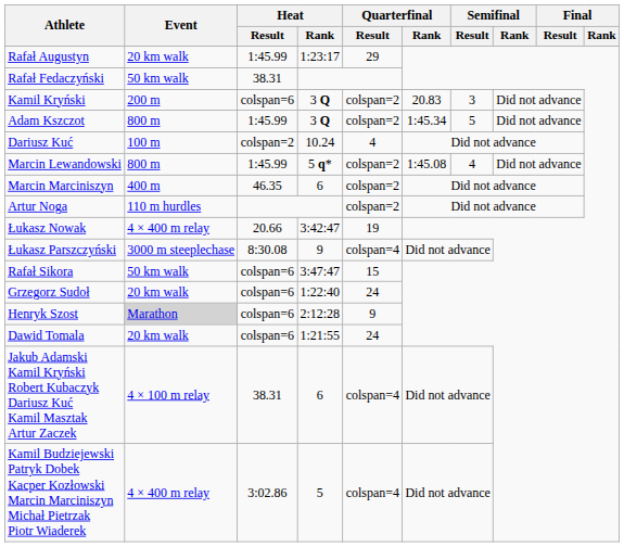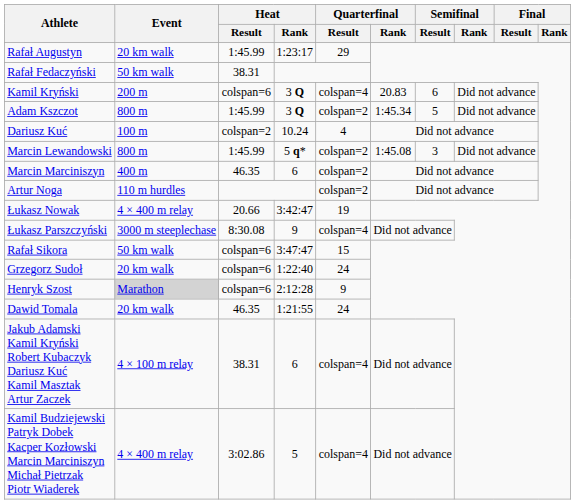 <table class="wikitable" style="font-size:90%">
 <tr>
 <th rowspan="2">Athlete</th>
 <th rowspan="2">Event</th>
 <th colspan="2">Heat</th>
 <th colspan="2">Quarterfinal</th>
 <th colspan="2">Semifinal</th>
 <th colspan="2">Final</th>
 </tr>
 <tr style="font-size:95%">
 <th>Result</th>
 <th>Rank</th>
 <th>Result</th>
 <th>Rank</th>
 <th>Result</th>
 <th>Rank</th>
 <th>Result</th>
 <th>Rank</th>
 </tr>
 <tr align=center>
 <td align=left><a href='#'>Rafał Augustyn</a></td>
 <td align=left><a href='#'>20 km walk</a></td>
 <td>1:45.99</td>
 <td>1:23:17</td>
 <td>29</td>
 </tr>
 <tr align=center>
 <td align=left><a href='#'>Rafał Fedaczyński</a></td>
 <td align=left><a href='#'>50 km walk</a></td>
 <td>38.31</td>
 <td colspan=2></td>
 </tr>
 <tr align=center>
 <td align=left><a href='#'>Kamil Kryński</a></td>
 <td align=left><a href='#'>200 m</a></td>
 <td>colspan=6 </td>
 <td>3 <strong>Q</strong></td>
-<td>colspan=2 </td>
+<td>colspan=4 </td>
 <td>20.83</td>
-<td>3</td>
+<td>6</td>
 <td colspan=2>Did not advance</td>
 </tr>
 <tr align=center>
 <td align=left><a href='#'>Adam Kszczot</a></td>
 <td align=left><a href='#'>800 m</a></td>
 <td>1:45.99</td>
 <td>3 <strong>Q</strong></td>
 <td>colspan=2 </td>
 <td>1:45.34</td>
 <td>5</td>
 <td colspan=2>Did not advance</td>
 </tr>
 <tr align=center>
 <td align=left><a href='#'>Dariusz Kuć</a></td>
 <td align=left><a href='#'>100 m</a></td>
 <td>colspan=2 </td>
 <td>10.24</td>
 <td>4</td>
 <td colspan=4>Did not advance</td>
 </tr>
 <tr align=center>
 <td align=left><a href='#'>Marcin Lewandowski</a></td>
 <td align=left><a href='#'>800 m</a></td>
 <td>1:45.99</td>
 <td>5 <strong>q</strong>*</td>
 <td>colspan=2 </td>
 <td>1:45.08</td>
-<td>4</td>
+<td>3</td>
 <td colspan=2>Did not advance</td>
 </tr>
 <tr align=center>
 <td align=left><a href='#'>Marcin Marciniszyn</a></td>
 <td align=left><a href='#'>400 m</a></td>
 <td>46.35</td>
 <td>6</td>
 <td>colspan=2 </td>
 <td colspan=4>Did not advance</td>
 </tr>
 <tr align=center>
 <td align=left><a href='#'>Artur Noga</a></td>
 <td align=left><a href='#'>110 m hurdles</a></td>
 <td colspan=2></td>
 <td>colspan=2 </td>
 <td colspan=4>Did not advance</td>
 </tr>
 <tr align=center>
 <td align=left><a href='#'>Łukasz Nowak</a></td>
 <td align=left><a href='#'>4 × 400 m relay</a></td>
 <td>20.66</td>
 <td>3:42:47</td>
 <td>19</td>
 </tr>
 <tr align=center>
 <td align=left><a href='#'>Łukasz Parszczyński</a></td>
 <td align=left><a href='#'>3000 m steeplechase</a></td>
 <td>8:30.08</td>
 <td>9</td>
 <td>colspan=4 </td>
 <td colspan=2>Did not advance</td>
 </tr>
 <tr align=center>
 <td align=left><a href='#'>Rafał Sikora</a></td>
 <td align=left><a href='#'>50 km walk</a></td>
 <td>colspan=6 </td>
 <td>3:47:47</td>
 <td>15</td>
 </tr>
 <tr align=center>
 <td align=left><a href='#'>Grzegorz Sudoł</a></td>
 <td align=left><a href='#'>20 km walk</a></td>
 <td>colspan=6 </td>
 <td>1:22:40</td>
 <td>24</td>
 </tr>
 <tr align=center>
 <td align=left><a href='#'>Henryk Szost</a></td>
 <td align=left style="background: lightgrey;"><a href='#'>Marathon</a></td>
 <td>colspan=6 </td>
 <td>2:12:28</td>
 <td>9</td>
 </tr>
 <tr align=center>
 <td align=left><a href='#'>Dawid Tomala</a></td>
 <td align=left><a href='#'>20 km walk</a></td>
-<td>colspan=6 </td>
+<td>46.35</td>
 <td>1:21:55</td>
 <td>24</td>
 </tr>
 <tr align=center>
 <td align=left><a href='#'>Jakub Adamski</a><br><a href='#'>Kamil Kryński</a><br><a href='#'>Robert Kubaczyk</a><br><a href='#'>Dariusz Kuć</a><br><a href='#'>Kamil Masztak</a><br><a href='#'>Artur Zaczek</a></td>
 <td align=left><a href='#'>4 × 100 m relay</a></td>
 <td>38.31</td>
 <td>6</td>
 <td>colspan=4 </td>
 <td colspan=2>Did not advance</td>
 </tr>
 <tr align=center>
 <td align=left><a href='#'>Kamil Budziejewski</a><br><a href='#'>Patryk Dobek</a><br><a href='#'>Kacper Kozłowski</a><br><a href='#'>Marcin Marciniszyn</a><br><a href='#'>Michał Pietrzak</a><br><a href='#'>Piotr Wiaderek</a></td>
 <td align=left><a href='#'>4 × 400 m relay</a></td>
 <td>3:02.86</td>
 <td>5</td>
 <td>colspan=4 </td>
 <td colspan=2>Did not advance</td>
 </tr>
 </table>
